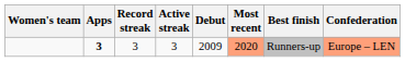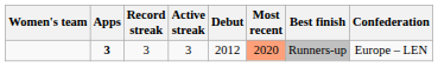 <table class="wikitable" style="text-align: center; font-size: 90%; margin-left: 1em;">
 <tr>
 <th>Women's team</th>
 <th>Apps</th>
 <th>Record<br>streak</th>
 <th>Active<br>streak</th>
 <th>Debut</th>
 <th>Most<br>recent</th>
 <th>Best finish</th>
 <th>Confederation</th>
 </tr>
 <tr>
 <td style="text-align: left;"></td>
 <td><strong>3</strong></td>
 <td>3</td>
 <td>3</td>
-<td>2009</td>
+<td>2012</td>
 <td style="background: lightsalmon;">2020</td>
 <td style="background-color: silver;">Runners-up</td>
-<td style="background: lightsalmon;">Europe – LEN</td>
+<td>Europe – LEN</td>
 </tr>
 </table>
